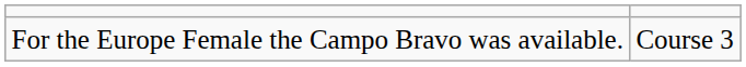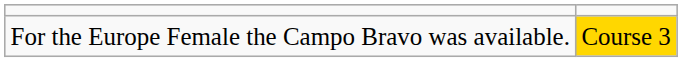 <table class="wikitable" style="text-align:center;">
 <tr>
 <td></td>
 <td></td>
 </tr>
 <tr>
 <td>For the Europe Female the Campo Bravo was available.</td>
-<td>Course 3</td>
+<td style="background: gold;">Course 3</td>
 </tr>
 </table>
